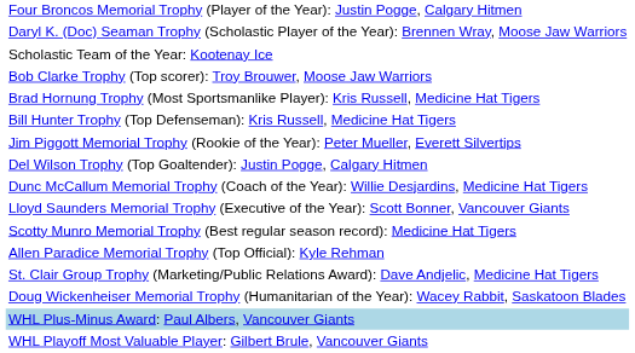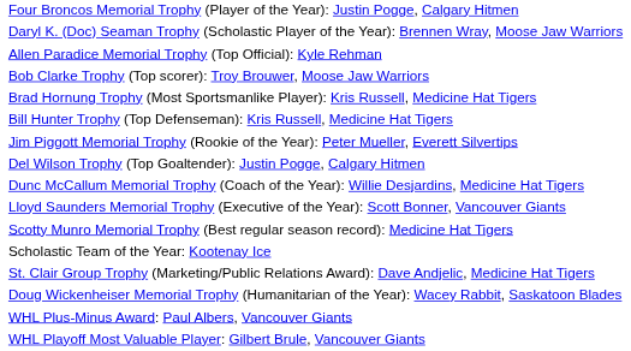 <table cellpadding="3" cellspacing="1">
 <tr>
 <td><a href='#'>Four Broncos Memorial Trophy</a> (Player of the Year): <a href='#'>Justin Pogge</a>, <a href='#'>Calgary Hitmen</a></td>
 </tr>
 <tr>
 <td><a href='#'>Daryl K. (Doc) Seaman Trophy</a> (Scholastic Player of the Year): <a href='#'>Brennen Wray</a>, <a href='#'>Moose Jaw Warriors</a></td>
 </tr>
 <tr>
-<td>Scholastic Team of the Year: <a href='#'>Kootenay Ice</a></td>
+<td><a href='#'>Allen Paradice Memorial Trophy</a> (Top Official): <a href='#'>Kyle Rehman</a></td>
 </tr>
 <tr>
 <td><a href='#'>Bob Clarke Trophy</a> (Top scorer): <a href='#'>Troy Brouwer</a>, <a href='#'>Moose Jaw Warriors</a></td>
 </tr>
 <tr>
 <td><a href='#'>Brad Hornung Trophy</a> (Most Sportsmanlike Player): <a href='#'>Kris Russell</a>, <a href='#'>Medicine Hat Tigers</a></td>
 </tr>
 <tr>
 <td><a href='#'>Bill Hunter Trophy</a> (Top Defenseman): <a href='#'>Kris Russell</a>, <a href='#'>Medicine Hat Tigers</a></td>
 </tr>
 <tr>
 <td><a href='#'>Jim Piggott Memorial Trophy</a> (Rookie of the Year): <a href='#'>Peter Mueller</a>, <a href='#'>Everett Silvertips</a></td>
 </tr>
 <tr>
 <td><a href='#'>Del Wilson Trophy</a> (Top Goaltender): <a href='#'>Justin Pogge</a>, <a href='#'>Calgary Hitmen</a></td>
 </tr>
 <tr>
 <td><a href='#'>Dunc McCallum Memorial Trophy</a> (Coach of the Year): <a href='#'>Willie Desjardins</a>, <a href='#'>Medicine Hat Tigers</a></td>
 </tr>
 <tr>
 <td><a href='#'>Lloyd Saunders Memorial Trophy</a> (Executive of the Year): <a href='#'>Scott Bonner</a>, <a href='#'>Vancouver Giants</a></td>
 </tr>
 <tr>
 <td><a href='#'>Scotty Munro Memorial Trophy</a> (Best regular season record): <a href='#'>Medicine Hat Tigers</a></td>
 </tr>
 <tr>
-<td><a href='#'>Allen Paradice Memorial Trophy</a> (Top Official): <a href='#'>Kyle Rehman</a></td>
+<td>Scholastic Team of the Year: <a href='#'>Kootenay Ice</a></td>
 </tr>
 <tr>
 <td><a href='#'>St. Clair Group Trophy</a> (Marketing/Public Relations Award): <a href='#'>Dave Andjelic</a>, <a href='#'>Medicine Hat Tigers</a></td>
 </tr>
 <tr>
 <td><a href='#'>Doug Wickenheiser Memorial Trophy</a> (Humanitarian of the Year): <a href='#'>Wacey Rabbit</a>, <a href='#'>Saskatoon Blades</a></td>
 </tr>
 <tr>
-<td style="background: lightblue;"><a href='#'>WHL Plus-Minus Award</a>: <a href='#'>Paul Albers</a>, <a href='#'>Vancouver Giants</a></td>
+<td><a href='#'>WHL Plus-Minus Award</a>: <a href='#'>Paul Albers</a>, <a href='#'>Vancouver Giants</a></td>
 </tr>
 <tr>
 <td><a href='#'>WHL Playoff Most Valuable Player</a>: <a href='#'>Gilbert Brule</a>, <a href='#'>Vancouver Giants</a></td>
 </tr>
 </table>
